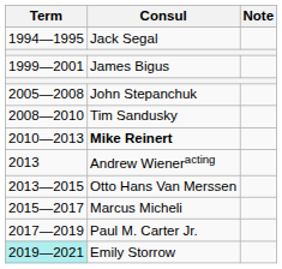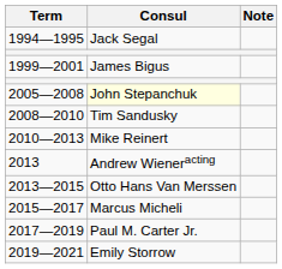 <table class="wikitable">
 <tr>
 <th>Term</th>
 <th>Consul</th>
 <th>Note</th>
 </tr>
 <tr>
 <td>1994—1995</td>
 <td>Jack Segal</td>
 <td></td>
 </tr>
 <tr>
 <td colspan=4 style="background:WhiteSmoke"></td>
 </tr>
 <tr>
 <td>1999—2001</td>
 <td>James Bigus</td>
 <td></td>
 </tr>
 <tr>
 <td colspan=4 style="background:WhiteSmoke"></td>
 </tr>
 <tr>
 <td>2005—2008</td>
-<td>John Stepanchuk</td>
+<td style="background: lightyellow;">John Stepanchuk</td>
 <td></td>
 </tr>
 <tr>
 <td>2008—2010</td>
 <td>Tim Sandusky</td>
 <td></td>
 </tr>
 <tr>
 <td>2010—2013</td>
-<td><strong>Mike Reinert</strong></td>
+<td>Mike Reinert</td>
 <td></td>
 </tr>
 <tr>
 <td>2013</td>
 <td>Andrew Wiener<sup>acting</sup></td>
 <td></td>
 </tr>
 <tr>
 <td>2013—2015</td>
 <td>Otto Hans Van Merssen</td>
 <td></td>
 </tr>
 <tr>
 <td>2015—2017</td>
 <td>Marcus Micheli</td>
 <td></td>
 </tr>
 <tr>
 <td>2017—2019</td>
 <td>Paul M. Carter Jr.</td>
 <td></td>
 </tr>
 <tr>
-<td style="background: paleturquoise;">2019—2021</td>
+<td>2019—2021</td>
 <td>Emily Storrow</td>
 <td></td>
 </tr>
 </table>
